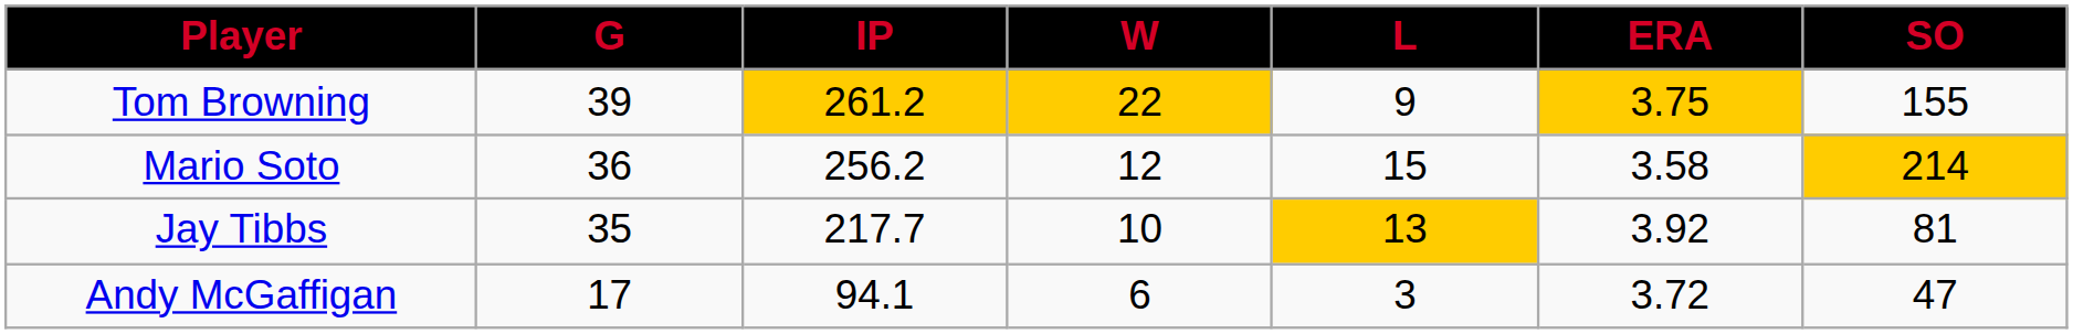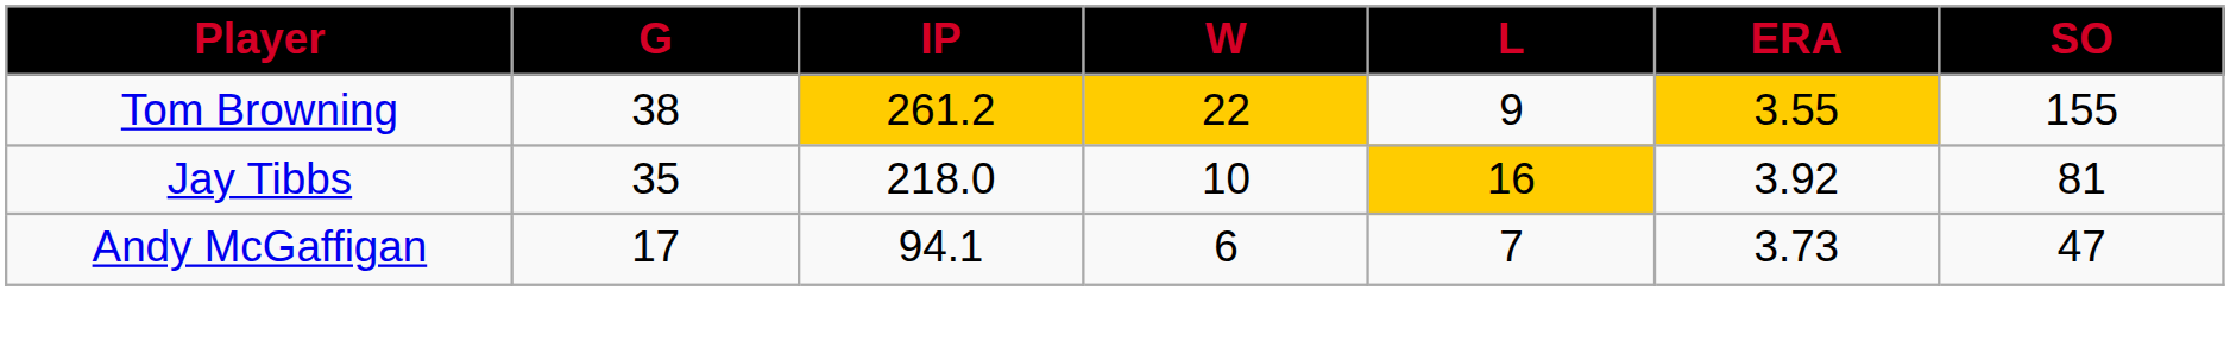 <table class="wikitable sortable">
 <tr>
 <th style="background:black; color:#d40026; width:16%;">Player</th>
 <th style="background:black; color:#d40026; width:9%;">G</th>
 <th style="background:black; color:#d40026; width:9%;">IP</th>
 <th style="background:black; color:#d40026; width:9%;">W</th>
 <th style="background:black; color:#d40026; width:9%;">L</th>
 <th style="background:black; color:#d40026; width:9%;">ERA</th>
 <th style="background:black; color:#d40026; width:9%;">SO</th>
 </tr>
 <tr align="center">
 <td><a href='#'>Tom Browning</a></td>
-<td>39</td>
+<td>38</td>
 <td bgcolor="FFCC00">261.2</td>
 <td bgcolor="FFCC00">22</td>
 <td>9</td>
-<td bgcolor="FFCC00">3.75</td>
+<td bgcolor="FFCC00">3.55</td>
 <td>155</td>
-</tr>
-<tr align="center">
-<td><a href='#'>Mario Soto</a></td>
-<td>36</td>
-<td>256.2</td>
-<td>12</td>
-<td>15</td>
-<td>3.58</td>
-<td bgcolor="FFCC00">214</td>
 </tr>
 <tr align="center">
 <td><a href='#'>Jay Tibbs</a></td>
 <td>35</td>
-<td>217.7</td>
+<td>218.0</td>
 <td>10</td>
-<td bgcolor="FFCC00">13</td>
+<td bgcolor="FFCC00">16</td>
 <td>3.92</td>
 <td>81</td>
 </tr>
 <tr align="center">
 <td><a href='#'>Andy McGaffigan</a></td>
 <td>17</td>
 <td>94.1</td>
 <td>6</td>
-<td>3</td>
-<td>3.72</td>
+<td>7</td>
+<td>3.73</td>
 <td>47</td>
 </tr>
 </table>
